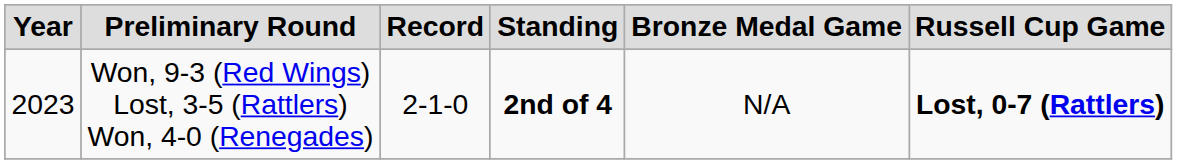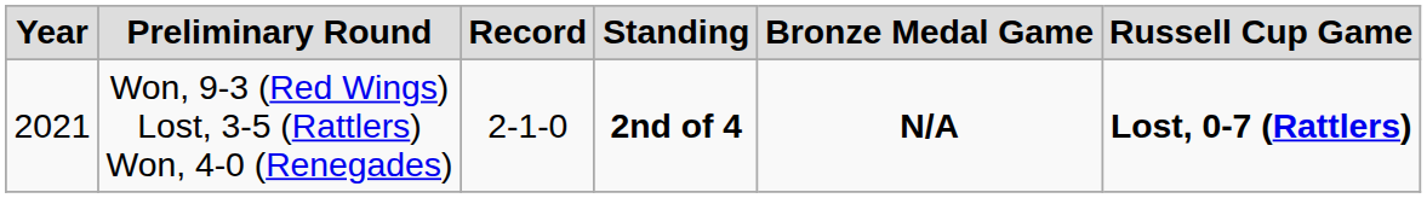 <table class="wikitable" style="text-align:center">
 <tr style="font-weight:bold; background-color:#dddddd;" |>
 <td>Year</td>
 <td>Preliminary Round</td>
 <td>Record</td>
 <td>Standing</td>
 <td>Bronze Medal Game</td>
 <td>Russell Cup Game</td>
 </tr>
 <tr>
-<td>2023</td>
+<td>2021</td>
 <td>Won, 9-3 (<a href='#'>Red Wings</a>)<br>Lost, 3-5 (<a href='#'>Rattlers</a>)<br>Won, 4-0 (<a href='#'>Renegades</a>)</td>
 <td>2-1-0</td>
 <td><strong>2nd of 4</strong></td>
-<td>N/A</td>
+<td><strong>N/A</strong></td>
 <td><strong>Lost, 0-7 (<a href='#'>Rattlers</a>)</strong></td>
 </tr>
 </table>
